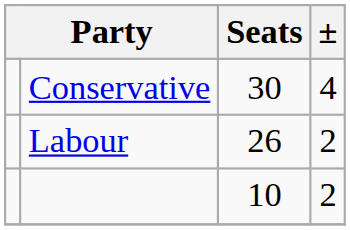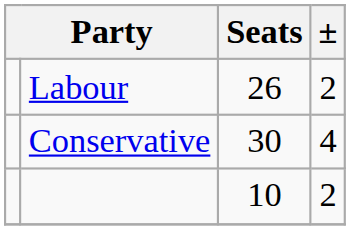 <table class="sortable wikitable">
 <tr>
 <th colspan="2">Party</th>
 <th>Seats</th>
 <th>±</th>
 </tr>
 <tr>
 <td style="background-color: "></td>
+<td><a href='#'>Labour</a></td>
+<td align="center">26</td>
+<td align="center">2</td>
+</tr>
+<tr>
+<td style="background-color: "></td>
 <td><a href='#'>Conservative</a></td>
 <td align="center">30</td>
 <td align="center">4</td>
-</tr>
-<tr>
-<td style="background-color: "></td>
-<td><a href='#'>Labour</a></td>
-<td align="center">26</td>
-<td align="center">2</td>
 </tr>
 <tr>
 <td style="background-color: "></td>
 <td><a href='#'></a></td>
 <td align="center">10</td>
 <td align="center">2</td>
 </tr>
 <tr>
 </tr>
 </table>
